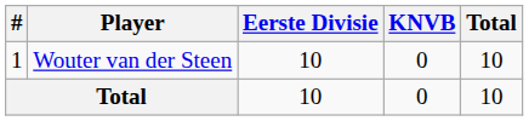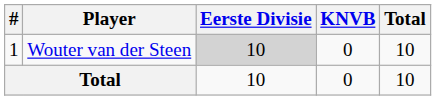 <table class="wikitable" style="text-align:center;">
 <tr>
 <th>#</th>
 <th>Player</th>
 <th><a href='#'>Eerste Divisie</a></th>
 <th><a href='#'>KNVB</a></th>
 <th>Total</th>
 </tr>
 <tr>
 <td>1</td>
 <td align="left"> <a href='#'>Wouter van der Steen</a></td>
-<td>10</td>
+<td style="background: lightgrey;">10</td>
 <td>0</td>
 <td>10</td>
 </tr>
 <tr>
 <th colspan="2">Total</th>
 <td>10</td>
 <td>0</td>
 <td>10</td>
 </tr>
 </table>
